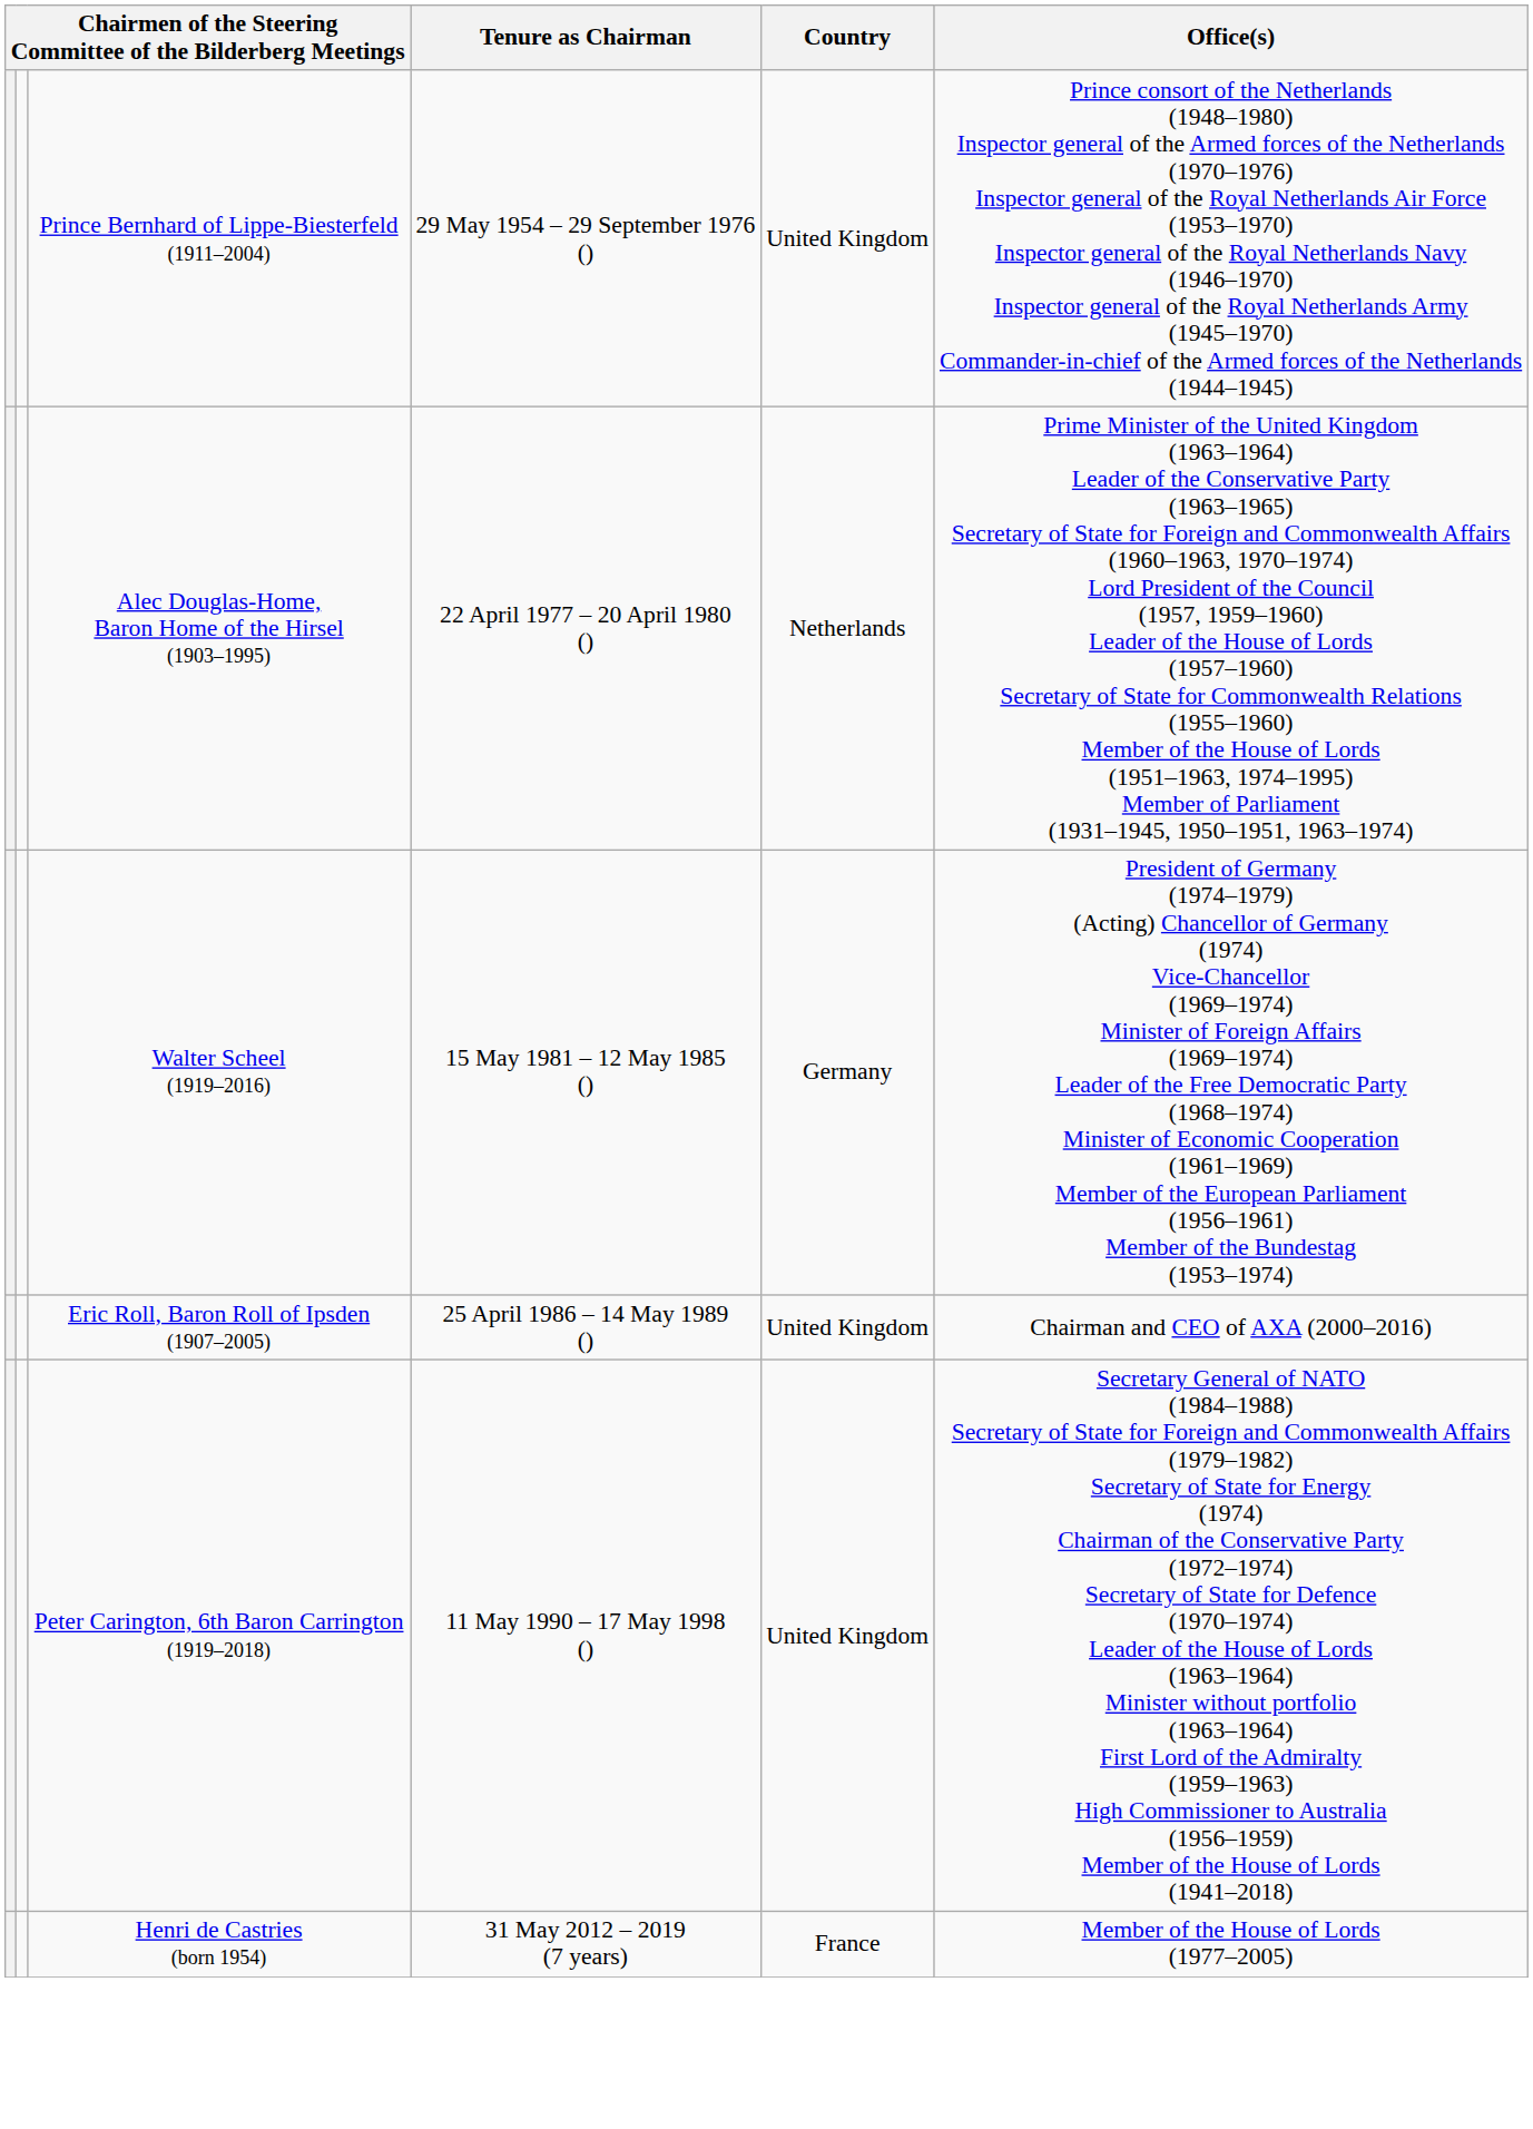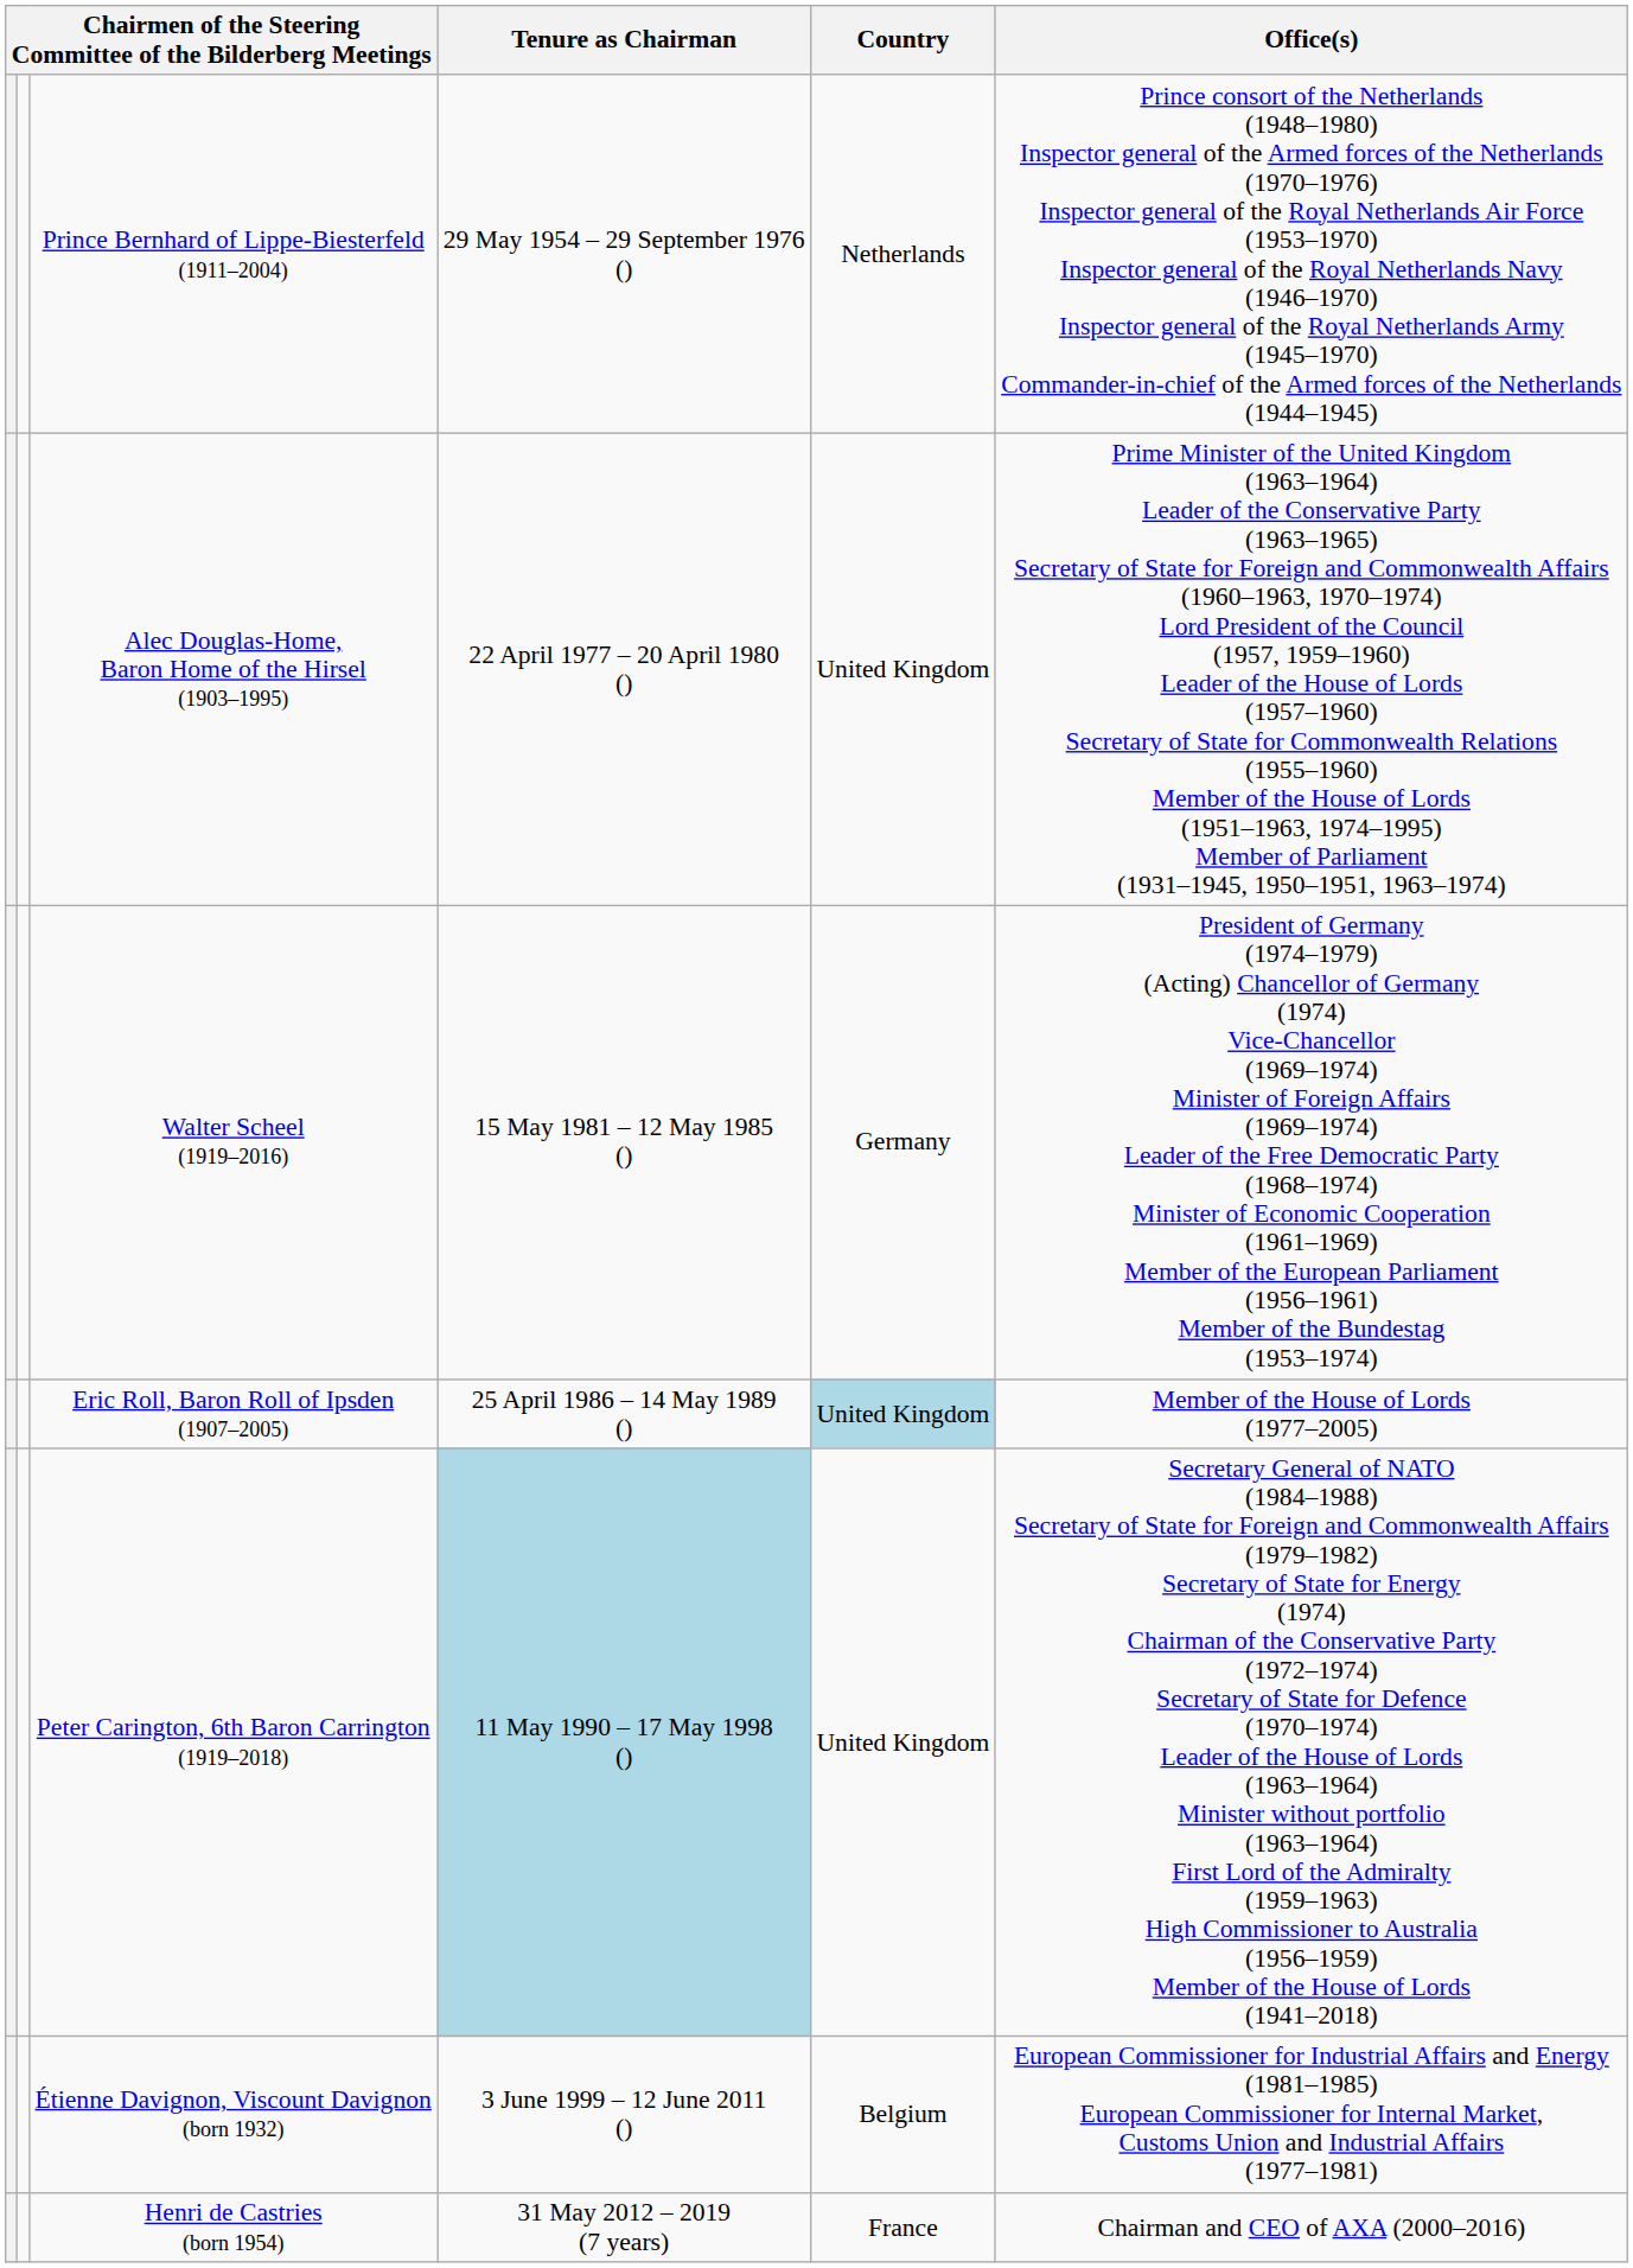 <table class="wikitable" style="text-align:center">
 <tr>
 <th colspan=3>Chairmen of the Steering <br> Committee of the Bilderberg Meetings</th>
 <th>Tenure as Chairman</th>
 <th>Country</th>
 <th>Office(s)</th>
 </tr>
 <tr>
 <th style="background:"></th>
 <td></td>
 <td><a href='#'>Prince Bernhard of Lippe-Biesterfeld</a> <br> <small>(1911–2004)</small></td>
 <td>29 May 1954 – 29 September 1976 <br> () <br></td>
-<td>United Kingdom</td>
+<td>Netherlands</td>
 <td><a href='#'>Prince consort of the Netherlands</a> <br> (1948–1980) <br> <a href='#'>Inspector general</a> of the <a href='#'>Armed forces of the Netherlands</a> <br> (1970–1976) <br> <a href='#'>Inspector general</a> of the <a href='#'>Royal Netherlands Air Force</a> <br> (1953–1970) <br> <a href='#'>Inspector general</a> of the <a href='#'>Royal Netherlands Navy</a> <br> (1946–1970) <br> <a href='#'>Inspector general</a> of the <a href='#'>Royal Netherlands Army</a> <br> (1945–1970) <br> <a href='#'>Commander-in-chief</a> of the <a href='#'>Armed forces of the Netherlands</a> <br> (1944–1945)</td>
 </tr>
 <tr>
 <th style="background-Color:"></th>
 <td></td>
 <td><a href='#'>Alec Douglas-Home, <br> Baron Home of the Hirsel</a> <br> <small>(1903–1995)</small></td>
 <td>22 April 1977 – 20 April 1980 <br> () <br></td>
-<td>Netherlands</td>
+<td>United Kingdom</td>
 <td><a href='#'>Prime Minister of the United Kingdom</a> <br> (1963–1964) <br> <a href='#'>Leader of the Conservative Party</a> <br> (1963–1965) <br> <a href='#'>Secretary of State for Foreign and Commonwealth Affairs</a> <br> (1960–1963, 1970–1974) <br> <a href='#'>Lord President of the Council</a> <br> (1957, 1959–1960) <br> <a href='#'>Leader of the House of Lords</a> <br> (1957–1960) <br> <a href='#'>Secretary of State for Commonwealth Relations</a> <br> (1955–1960) <br> <a href='#'>Member of the House of Lords</a> <br> (1951–1963, 1974–1995) <br> <a href='#'>Member of Parliament</a> <br> (1931–1945, 1950–1951, 1963–1974)</td>
 </tr>
 <tr>
 <th style="background:"></th>
 <td></td>
 <td><a href='#'>Walter Scheel</a> <br> <small>(1919–2016)</small></td>
 <td>15 May 1981 – 12 May 1985 <br> () <br></td>
 <td>Germany</td>
 <td><a href='#'>President of Germany</a> <br> (1974–1979) <br> (Acting) <a href='#'>Chancellor of Germany</a> <br> (1974) <br> <a href='#'>Vice-Chancellor</a> <br> (1969–1974) <br> <a href='#'>Minister of Foreign Affairs</a> <br> (1969–1974) <br> <a href='#'>Leader of the Free Democratic Party</a> <br> (1968–1974) <br> <a href='#'>Minister of Economic Cooperation</a> <br> (1961–1969) <br> <a href='#'>Member of the European Parliament</a> <br> (1956–1961) <br> <a href='#'>Member of the Bundestag</a> <br> (1953–1974)</td>
 </tr>
 <tr>
 <th style="background:"></th>
 <td></td>
 <td><a href='#'>Eric Roll, Baron Roll of Ipsden</a> <br> <small>(1907–2005)</small></td>
 <td>25 April 1986 – 14 May 1989 <br> () <br></td>
-<td>United Kingdom</td>
-<td>Chairman and <a href='#'>CEO</a> of <a href='#'>AXA</a> (2000–2016)</td>
+<td style="background: lightblue;">United Kingdom</td>
+<td><a href='#'>Member of the House of Lords</a> <br> (1977–2005)</td>
 </tr>
 <tr>
 <th style="background-Color:"></th>
 <td></td>
 <td><a href='#'>Peter Carington, 6th Baron Carrington</a> <br> <small>(1919–2018)</small></td>
-<td>11 May 1990 – 17 May 1998 <br> () <br></td>
+<td style="background: lightblue;">11 May 1990 – 17 May 1998 <br> () <br></td>
 <td>United Kingdom</td>
 <td><a href='#'>Secretary General of NATO</a> <br> (1984–1988) <br> <a href='#'>Secretary of State for Foreign and Commonwealth Affairs</a> <br> (1979–1982) <br> <a href='#'>Secretary of State for Energy</a> <br> (1974) <br> <a href='#'>Chairman of the Conservative Party</a> <br> (1972–1974) <br> <a href='#'>Secretary of State for Defence</a> <br> (1970–1974) <br> <a href='#'>Leader of the House of Lords</a> <br> (1963–1964) <br> <a href='#'>Minister without portfolio</a> <br> (1963–1964) <br> <a href='#'>First Lord of the Admiralty</a> <br> (1959–1963) <br> <a href='#'>High Commissioner to Australia</a> <br> (1956–1959) <br> <a href='#'>Member of the House of Lords</a> <br> (1941–2018)</td>
+</tr>
+<tr>
+<th style="background-Color:"></th>
+<td></td>
+<td><a href='#'>Étienne Davignon, Viscount Davignon</a> <br> <small>(born 1932)</small></td>
+<td>3 June 1999 – 12 June 2011 <br> () <br></td>
+<td>Belgium</td>
+<td><a href='#'>European Commissioner for Industrial Affairs</a> and <a href='#'>Energy</a> <br> (1981–1985) <br> <a href='#'>European Commissioner for Internal Market</a>, <br> <a href='#'>Customs Union</a> and <a href='#'>Industrial Affairs</a> <br> (1977–1981)</td>
 </tr>
 <tr>
 <th style="background:"></th>
 <td></td>
 <td><a href='#'>Henri de Castries</a> <br> <small>(born 1954)</small></td>
 <td>31 May 2012 – 2019 <br> (7 years) <br></td>
 <td>France</td>
-<td><a href='#'>Member of the House of Lords</a> <br> (1977–2005)</td>
+<td>Chairman and <a href='#'>CEO</a> of <a href='#'>AXA</a> (2000–2016)</td>
 </tr>
 </table>
